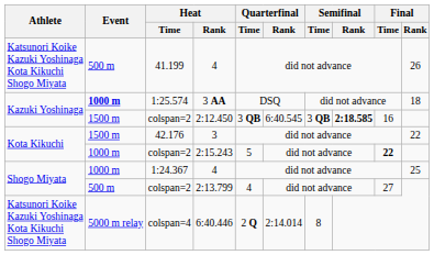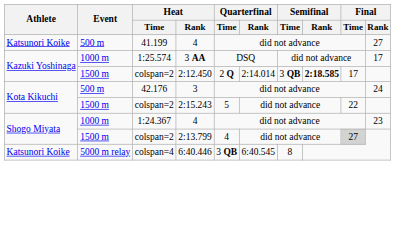 <table class="wikitable" style="font-size:90%">
 <tr>
 <th rowspan=2>Athlete</th>
 <th rowspan=2>Event</th>
 <th colspan=2>Heat</th>
 <th colspan=2>Quarterfinal</th>
 <th colspan=2>Semifinal</th>
 <th colspan=2>Final</th>
 </tr>
 <tr style="font-size:95%">
 <th>Time</th>
 <th>Rank</th>
 <th>Time</th>
 <th>Rank</th>
 <th>Time</th>
 <th>Rank</th>
 <th>Time</th>
 <th>Rank</th>
 </tr>
 <tr align=center>
-<td align=left><a href='#'>Katsunori Koike</a><br><a href='#'>Kazuki Yoshinaga</a><br><a href='#'>Kota Kikuchi</a><br><a href='#'>Shogo Miyata</a></td>
+<td align=left><a href='#'>Katsunori Koike</a></td>
 <td align=left><a href='#'>500 m</a></td>
 <td>41.199</td>
 <td>4</td>
 <td colspan=5>did not advance</td>
-<td>26</td>
+<td>27</td>
 </tr>
 <tr align=center>
 <td align=left rowspan=2><a href='#'>Kazuki Yoshinaga</a></td>
-<td align=left><strong><a href='#'>1000 m</a></strong></td>
+<td align=left><a href='#'>1000 m</a></td>
 <td>1:25.574</td>
 <td>3 <strong>AA</strong></td>
 <td colspan=2>DSQ</td>
 <td colspan=3>did not advance</td>
-<td>18</td>
+<td>17</td>
 </tr>
 <tr align=center>
 <td align=left><a href='#'>1500 m</a></td>
 <td>colspan=2 </td>
 <td>2:12.450</td>
-<td>3 <strong>QB</strong></td>
-<td>6:40.545</td>
+<td>2 <strong>Q</strong></td>
+<td>2:14.014</td>
 <td>3 <strong>QB</strong></td>
 <td><strong>2:18.585</strong></td>
-<td>16</td>
+<td>17</td>
 </tr>
 <tr align=center>
 <td align=left rowspan=2><a href='#'>Kota Kikuchi</a></td>
-<td align=left><a href='#'>1500 m</a></td>
+<td align=left><a href='#'>500 m</a></td>
 <td>42.176</td>
 <td>3</td>
 <td colspan=5>did not advance</td>
-<td>22</td>
+<td>24</td>
 </tr>
 <tr align=center>
-<td align=left><a href='#'>1000 m</a></td>
+<td align=left><a href='#'>1500 m</a></td>
 <td>colspan=2 </td>
 <td>2:15.243</td>
 <td>5</td>
 <td colspan=3>did not advance</td>
-<td><strong>22</strong></td>
+<td>22</td>
 </tr>
 <tr align=center>
 <td align=left rowspan=2><a href='#'>Shogo Miyata</a></td>
 <td align=left><a href='#'>1000 m</a></td>
 <td>1:24.367</td>
 <td>4</td>
 <td colspan=5>did not advance</td>
-<td>25</td>
+<td>23</td>
 </tr>
 <tr align=center>
-<td align=left><a href='#'>500 m</a></td>
+<td align=left><a href='#'>1500 m</a></td>
 <td>colspan=2 </td>
 <td>2:13.799</td>
 <td>4</td>
 <td colspan=3>did not advance</td>
-<td>27</td>
+<td style="background: lightgrey;">27</td>
 </tr>
 <tr align=center>
-<td align=left><a href='#'>Katsunori Koike</a><br><a href='#'>Kazuki Yoshinaga</a><br><a href='#'>Kota Kikuchi</a><br><a href='#'>Shogo Miyata</a></td>
+<td align=left><a href='#'>Katsunori Koike</a></td>
 <td align=left><a href='#'>5000 m relay</a></td>
 <td>colspan=4 </td>
 <td>6:40.446</td>
-<td>2 <strong>Q</strong></td>
-<td>2:14.014</td>
+<td>3 <strong>QB</strong></td>
+<td>6:40.545</td>
 <td>8</td>
 </tr>
 </table>
